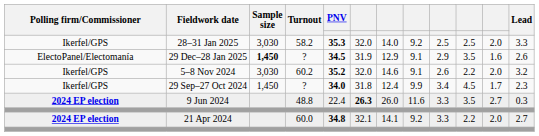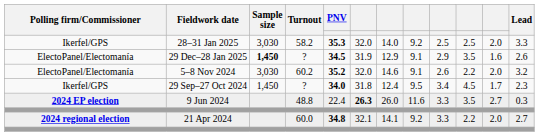 <table class="wikitable collapsible" style="text-align:center; font-size:95%; line-height:16px;">
 <tr style="height:42px;">
 <th style="width:250px;" rowspan="2">Polling firm/Commissioner</th>
 <th style="width:125px;" rowspan="2">Fieldwork date</th>
 <th style="width:50px;" rowspan="2">Sample size</th>
 <th style="width:45px;" rowspan="2">Turnout</th>
 <th style="width:35px;"><a href='#'>PNV</a></th>
 <th style="width:35px;"></th>
 <th style="width:35px;"></th>
 <th style="width:35px;"></th>
 <th style="width:35px;"></th>
 <th style="width:35px;"></th>
 <th style="width:35px;"></th>
 <th style="width:30px;" rowspan="2">Lead</th>
 </tr>
 <tr>
 <th style="color:inherit;background:"></th>
 <th style="color:inherit;background:"></th>
 <th style="color:inherit;background:"></th>
 <th style="color:inherit;background:"></th>
 <th style="color:inherit;background:"></th>
 <th style="color:inherit;background:"></th>
 <th style="color:inherit;background:"></th>
 </tr>
 <tr>
 <td>Ikerfel/GPS</td>
 <td>28–31 Jan 2025</td>
 <td>3,030</td>
 <td>58.2</td>
 <td><strong>35.3</strong><br></td>
 <td>32.0<br></td>
 <td>14.0<br></td>
 <td>9.2<br></td>
 <td>2.5<br></td>
 <td>2.5<br></td>
 <td>2.0<br></td>
 <td style="background:">3.3</td>
 </tr>
 <tr>
 <td>ElectoPanel/Electomanía</td>
 <td>29 Dec–28 Jan 2025</td>
 <td><strong>1,450</strong></td>
 <td>?</td>
 <td><strong>34.5</strong><br></td>
 <td>31.9<br></td>
 <td>12.9<br></td>
 <td>9.1<br></td>
 <td>2.9<br></td>
 <td>3.5<br></td>
 <td>1.6<br></td>
 <td style="background:">2.6</td>
 </tr>
 <tr>
-<td>Ikerfel/GPS</td>
+<td>ElectoPanel/Electomanía</td>
 <td>5–8 Nov 2024</td>
 <td>3,030</td>
 <td>60.2</td>
 <td><strong>35.2</strong><br></td>
 <td>32.0<br></td>
 <td>14.6<br></td>
 <td>9.1<br></td>
 <td>2.6<br></td>
 <td>2.2<br></td>
 <td>2.0<br></td>
 <td style="background:">3.2</td>
 </tr>
 <tr>
 <td>Ikerfel/GPS</td>
 <td>29 Sep–27 Oct 2024</td>
 <td>1,450</td>
 <td>?</td>
 <td><strong>34.0</strong><br></td>
 <td>31.8<br></td>
 <td>12.4<br></td>
-<td>9.9<br></td>
+<td>9.5<br></td>
 <td>3.4<br></td>
 <td>4.5<br></td>
 <td>1.7<br></td>
 <td style="background:">2.3</td>
 </tr>
 <tr style="background:#EFEFEF;">
 <td><strong><a href='#'>2024 EP election</a></strong></td>
 <td>9 Jun 2024</td>
 <td></td>
 <td>48.8</td>
 <td>22.4<br></td>
 <td><strong>26.3</strong><br></td>
 <td>26.0<br></td>
 <td>11.6<br></td>
 <td>3.3<br></td>
 <td>3.5<br></td>
 <td>2.7<br></td>
 <td style="background:">0.3</td>
 </tr>
 <tr>
 <td colspan="12" style="background:#A0A0A0"></td>
 </tr>
 <tr style="background:#EFEFEF;">
-<td><strong><a href='#'>2024 EP election</a></strong></td>
+<td><strong><a href='#'>2024 regional election</a></strong></td>
 <td>21 Apr 2024</td>
 <td></td>
 <td>60.0</td>
 <td><strong>34.8</strong><br></td>
 <td>32.1<br></td>
 <td>14.1<br></td>
 <td>9.2<br></td>
 <td>3.3<br></td>
 <td>2.2<br></td>
 <td>2.0<br></td>
 <td style="background:">2.7</td>
 </tr>
 <tr>
 <td colspan="12" style="background:#A0A0A0"></td>
 </tr>
 </table>
